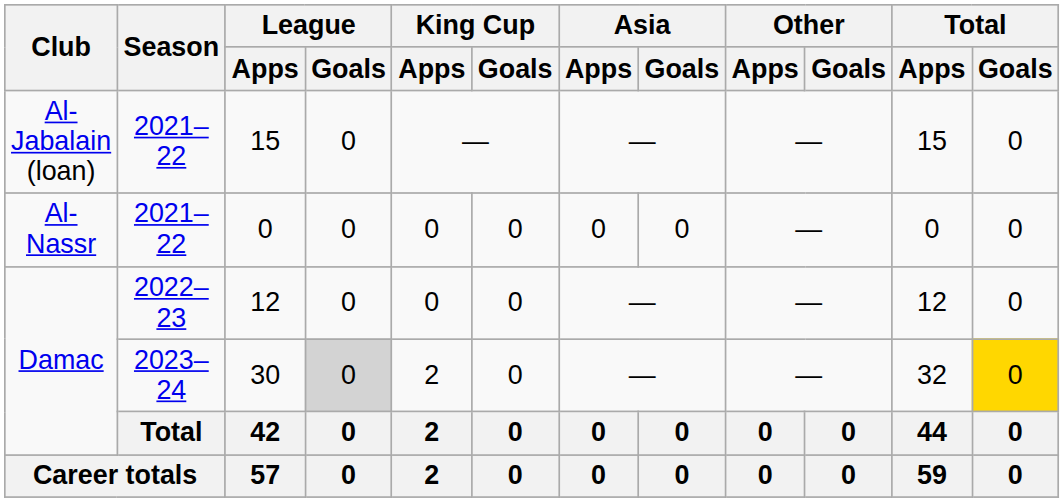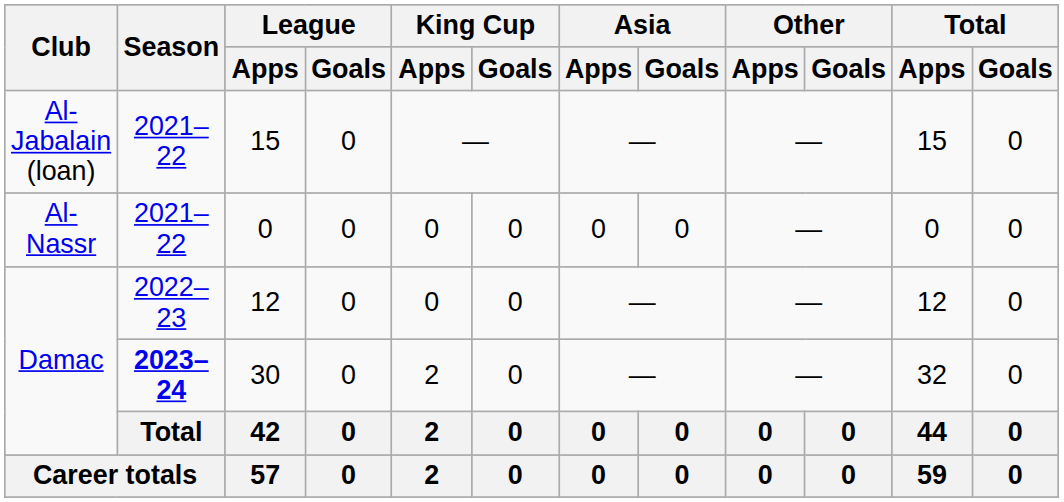 <table class="wikitable" style="text-align: center">
 <tr>
 <th rowspan=2>Club</th>
 <th rowspan=2>Season</th>
 <th colspan=2>League</th>
 <th colspan=2>King Cup</th>
 <th colspan=2>Asia</th>
 <th colspan=2>Other</th>
 <th colspan=2>Total</th>
 </tr>
 <tr>
 <th>Apps</th>
 <th>Goals</th>
 <th>Apps</th>
 <th>Goals</th>
 <th>Apps</th>
 <th>Goals</th>
 <th>Apps</th>
 <th>Goals</th>
 <th>Apps</th>
 <th>Goals</th>
 </tr>
 <tr>
 <td rowspan=1><a href='#'>Al-Jabalain</a> (loan)</td>
 <td><a href='#'>2021–22</a></td>
 <td>15</td>
 <td>0</td>
 <td colspan=2>—</td>
 <td colspan=2>—</td>
 <td colspan=2>—</td>
 <td>15</td>
 <td>0</td>
 </tr>
 <tr>
 <td rowspan=1><a href='#'>Al-Nassr</a></td>
 <td><a href='#'>2021–22</a></td>
 <td>0</td>
 <td>0</td>
 <td>0</td>
 <td>0</td>
 <td>0</td>
 <td>0</td>
 <td colspan=2>—</td>
 <td>0</td>
 <td>0</td>
 </tr>
 <tr>
 <td rowspan=3><a href='#'>Damac</a></td>
 <td><a href='#'>2022–23</a></td>
 <td>12</td>
 <td>0</td>
 <td>0</td>
 <td>0</td>
 <td colspan=2>—</td>
 <td colspan=2>—</td>
 <td>12</td>
 <td>0</td>
 </tr>
 <tr>
-<td><a href='#'>2023–24</a></td>
+<td><strong><a href='#'>2023–24</a></strong></td>
 <td>30</td>
-<td style="background: lightgrey;">0</td>
+<td>0</td>
 <td>2</td>
 <td>0</td>
 <td colspan=2>—</td>
 <td colspan=2>—</td>
 <td>32</td>
-<td style="background: gold;">0</td>
+<td>0</td>
 </tr>
 <tr>
 <th colspan=1>Total</th>
 <th>42</th>
 <th>0</th>
 <th>2</th>
 <th>0</th>
 <th>0</th>
 <th>0</th>
 <th>0</th>
 <th>0</th>
 <th>44</th>
 <th>0</th>
 </tr>
 <tr>
 <th colspan=2>Career totals</th>
 <th>57</th>
 <th>0</th>
 <th>2</th>
 <th>0</th>
 <th>0</th>
 <th>0</th>
 <th>0</th>
 <th>0</th>
 <th>59</th>
 <th>0</th>
 </tr>
 </table>
